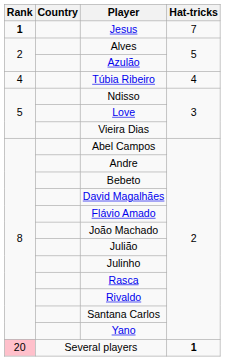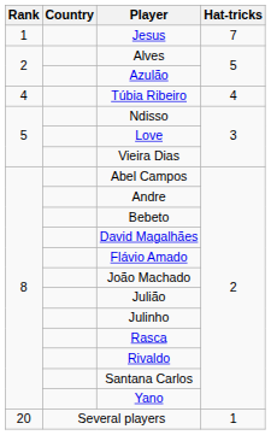 <table class="wikitable" style="text-align:center;">
 <tr>
 <th>Rank</th>
 <th>Country</th>
 <th>Player</th>
 <th>Hat-tricks</th>
 </tr>
 <tr>
-<td><strong>1</strong></td>
+<td>1</td>
 <td></td>
 <td><a href='#'>Jesus</a></td>
 <td>7</td>
 </tr>
 <tr>
 <td rowspan=2>2</td>
 <td></td>
 <td>Alves</td>
 <td rowspan=2>5</td>
 </tr>
 <tr>
 <td></td>
 <td><a href='#'>Azulão</a></td>
 </tr>
 <tr>
 <td>4</td>
 <td></td>
 <td><a href='#'>Túbia Ribeiro</a></td>
 <td>4</td>
 </tr>
 <tr>
 <td rowspan=3>5</td>
 <td></td>
 <td>Ndisso</td>
 <td rowspan=3>3</td>
 </tr>
 <tr>
 <td></td>
 <td><a href='#'>Love</a></td>
 </tr>
 <tr>
 <td></td>
 <td>Vieira Dias</td>
 </tr>
 <tr>
 <td rowspan=12>8</td>
 <td></td>
 <td>Abel Campos</td>
 <td rowspan=12>2</td>
 </tr>
 <tr>
 <td></td>
 <td>Andre</td>
 </tr>
 <tr>
 <td></td>
 <td>Bebeto</td>
 </tr>
 <tr>
 <td></td>
 <td><a href='#'>David Magalhães</a></td>
 </tr>
 <tr>
 <td></td>
 <td><a href='#'>Flávio Amado</a></td>
 </tr>
 <tr>
 <td></td>
 <td>João Machado</td>
 </tr>
 <tr>
 <td></td>
 <td>Julião</td>
 </tr>
 <tr>
 <td></td>
 <td>Julinho</td>
 </tr>
 <tr>
 <td></td>
 <td><a href='#'>Rasca</a></td>
 </tr>
 <tr>
 <td></td>
 <td><a href='#'>Rivaldo</a></td>
 </tr>
 <tr>
 <td></td>
 <td>Santana Carlos</td>
 </tr>
 <tr>
 <td></td>
 <td><a href='#'>Yano</a></td>
 </tr>
 <tr>
-<td style="background: pink;">20</td>
+<td>20</td>
 <td colspan=2>Several players</td>
-<td><strong>1</strong></td>
+<td>1</td>
 </tr>
 </table>
